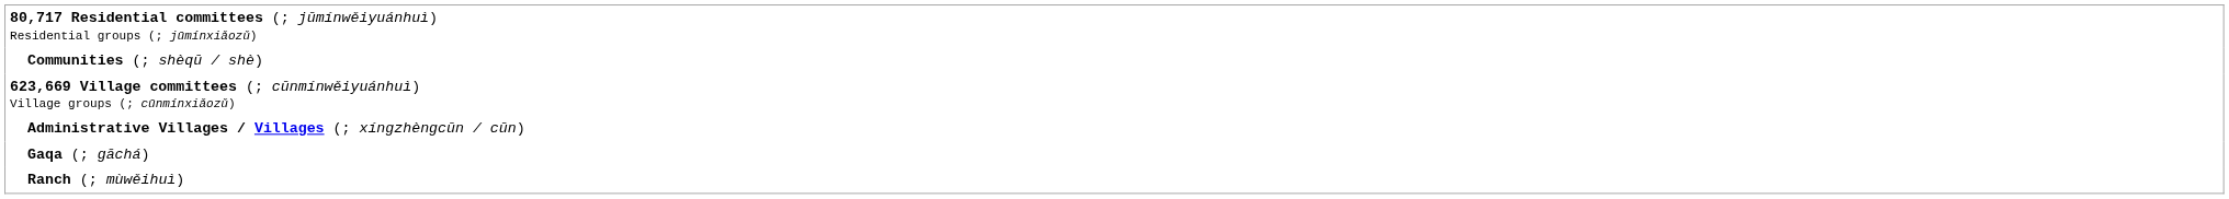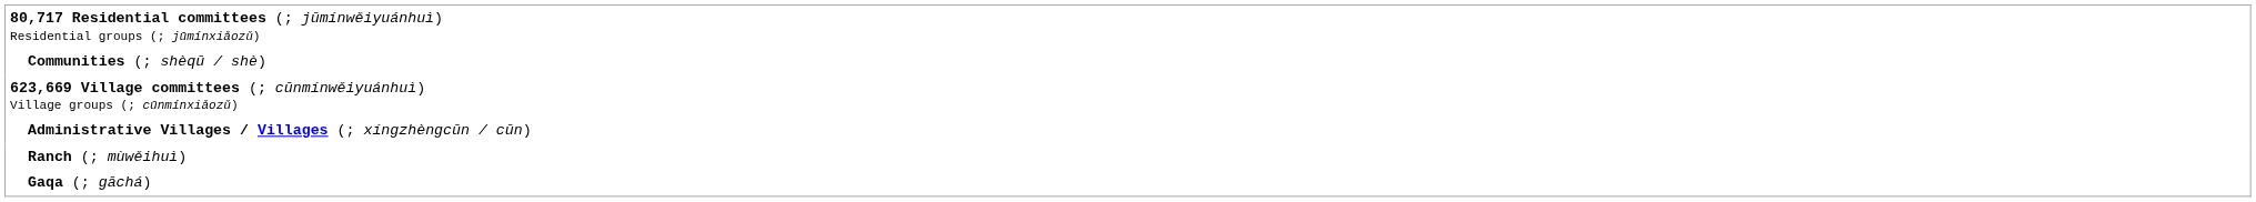 <table cellpadding="4" cellspacing="0" style="width:100%; margin:1em 1em 1em 0; border:1px #aaa solid; border-collapse:collapse; vertical-align:center;">
 <tr>
 <td><strong>80,717 Residential committees</strong> (; <em>jūmínwěiyuánhuì</em>)<br><small>Residential groups (; <em>jūmínxiǎozǔ</em>)</small></td>
 </tr>
 <tr>
 <td>  <strong>Communities</strong> (; <em>shèqū / shè</em>)</td>
 </tr>
 <tr>
 <td><strong>623,669 Village committees</strong> (; <em>cūnmínwěiyuánhuì</em>)<br><small>Village groups (; <em>cūnmínxiǎozǔ</em>)</small></td>
 </tr>
 <tr>
 <td>  <strong>Administrative Villages / <a href='#'>Villages</a></strong> (; <em>xíngzhèngcūn / cūn</em>)</td>
 </tr>
 <tr>
+<td>  <strong>Ranch</strong> (; <em>mùwěihuì</em>)</td>
+</tr>
+<tr>
 <td>  <strong>Gaqa</strong> (; <em>gāchá</em>)</td>
 </tr>
-<tr>
-<td>  <strong>Ranch</strong> (; <em>mùwěihuì</em>)</td>
-</tr>
 </table>
